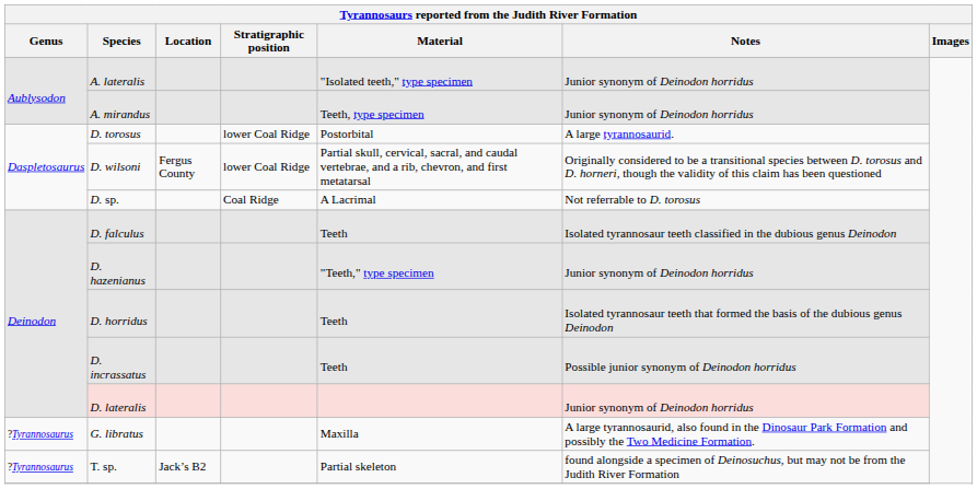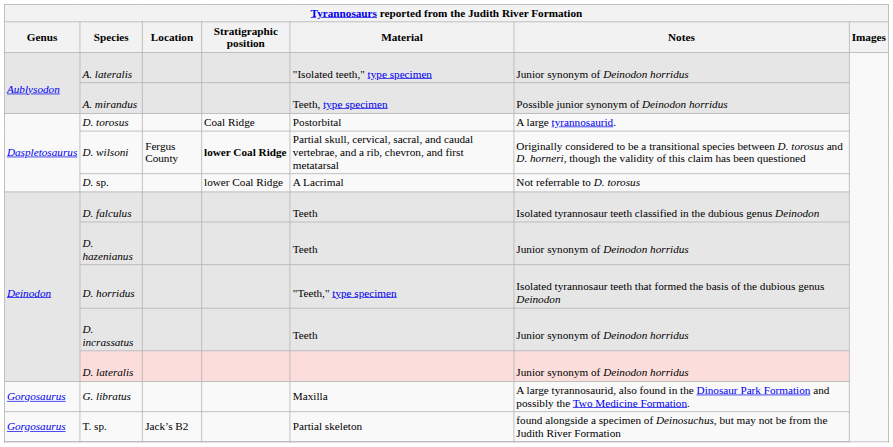 <table class="wikitable" align="center" width="100%">
 <tr>
 <th colspan="8" align="center"><strong><a href='#'>Tyrannosaurs</a> reported from the Judith River Formation</strong></th>
 </tr>
 <tr>
 <th>Genus</th>
 <th>Species</th>
 <th>Location</th>
 <th>Stratigraphic position</th>
 <th>Material</th>
 <th>Notes</th>
 <th>Images</th>
 </tr>
 <tr>
 <td rowspan="2" style="background:#E6E6E6;"><br><em><a href='#'>Aublysodon</a></em></td>
 <td style="background:#E6E6E6;"><br><em>A. lateralis</em></td>
 <td style="background:#E6E6E6;"></td>
 <td style="background:#E6E6E6;"></td>
 <td style="background:#E6E6E6;"><br>"Isolated teeth," <a href='#'>type specimen</a></td>
 <td style="background:#E6E6E6;"><br>Junior synonym of <em>Deinodon horridus</em></td>
 <td rowspan="106"><br> </td>
 </tr>
 <tr>
 <td style="background:#E6E6E6;"><br><em>A. mirandus</em></td>
 <td style="background:#E6E6E6;"></td>
 <td style="background:#E6E6E6;"></td>
 <td style="background:#E6E6E6;"><br>Teeth, <a href='#'>type specimen</a></td>
-<td style="background:#E6E6E6;"><br>Junior synonym of <em>Deinodon horridus</em></td>
+<td style="background:#E6E6E6;"><br>Possible junior synonym of <em>Deinodon horridus</em></td>
 </tr>
 <tr>
 <td rowspan="3"><em><a href='#'>Daspletosaurus</a></em></td>
 <td><em>D. torosus</em></td>
 <td></td>
-<td>lower Coal Ridge</td>
+<td>Coal Ridge</td>
 <td>Postorbital</td>
 <td>A large <a href='#'>tyrannosaurid</a>.</td>
 </tr>
 <tr>
 <td><em>D. wilsoni</em></td>
 <td>Fergus County</td>
-<td>lower Coal Ridge</td>
+<td><strong>lower Coal Ridge</strong></td>
 <td>Partial skull, cervical, sacral, and caudal vertebrae, and a rib, chevron, and first metatarsal</td>
 <td>Originally considered to be a transitional species between <em>D. torosus</em> and <em>D. horneri</em>, though the validity of this claim has been questioned </td>
 </tr>
 <tr>
 <td><em>D.</em> sp.</td>
 <td></td>
-<td>Coal Ridge</td>
+<td>lower Coal Ridge</td>
 <td>A Lacrimal</td>
 <td>Not referrable to <em>D. torosus</em></td>
 </tr>
 <tr>
 <td rowspan=5 style="background:#E6E6E6;"><br><em><a href='#'>Deinodon</a></em></td>
 <td style="background:#E6E6E6;"><br><em>D. falculus</em></td>
 <td style="background:#E6E6E6;"></td>
 <td style="background:#E6E6E6;"></td>
 <td style="background:#E6E6E6;"><br>Teeth</td>
 <td style="background:#E6E6E6;"><br>Isolated tyrannosaur teeth classified in the dubious genus <em>Deinodon</em></td>
 </tr>
 <tr>
 <td style="background:#E6E6E6;"><br><em>D. hazenianus</em></td>
 <td style="background:#E6E6E6;"></td>
 <td style="background:#E6E6E6;"></td>
-<td style="background:#E6E6E6;"><br>"Teeth," <a href='#'>type specimen</a></td>
+<td style="background:#E6E6E6;"><br>Teeth</td>
 <td style="background:#E6E6E6;"><br>Junior synonym of <em>Deinodon horridus</em></td>
 </tr>
 <tr>
 <td style="background:#E6E6E6;"><br><em>D. horridus</em></td>
 <td style="background:#E6E6E6;"></td>
 <td style="background:#E6E6E6;"></td>
-<td style="background:#E6E6E6;"><br>Teeth</td>
+<td style="background:#E6E6E6;"><br>"Teeth," <a href='#'>type specimen</a></td>
 <td style="background:#E6E6E6;"><br>Isolated tyrannosaur teeth that formed the basis of the dubious genus <em>Deinodon</em></td>
 </tr>
 <tr>
 <td style="background:#E6E6E6;"><br><em>D. incrassatus</em></td>
 <td style="background:#E6E6E6;"></td>
 <td style="background:#E6E6E6;"></td>
 <td style="background:#E6E6E6;"><br>Teeth</td>
-<td style="background:#E6E6E6;"><br>Possible junior synonym of <em>Deinodon horridus</em></td>
+<td style="background:#E6E6E6;"><br>Junior synonym of <em>Deinodon horridus</em></td>
 </tr>
 <tr>
 <td style="background:#fbdddb;"><br><em>D. lateralis</em></td>
 <td style="background:#fbdddb;"></td>
 <td style="background:#fbdddb;"></td>
 <td style="background:#fbdddb;"></td>
 <td style="background:#fbdddb;"><br>Junior synonym of <em>Deinodon horridus</em></td>
 </tr>
 <tr>
-<td><small>?<em><a href='#'>Tyrannosaurus</a></em></small></td>
+<td><em><a href='#'>Gorgosaurus</a></em></td>
 <td><em>G. libratus</em></td>
 <td></td>
 <td></td>
 <td>Maxilla</td>
 <td>A large tyrannosaurid, also found in the <a href='#'>Dinosaur Park Formation</a> and possibly the <a href='#'>Two Medicine Formation</a>.</td>
 </tr>
 <tr>
-<td><small>?<em><a href='#'>Tyrannosaurus</a></em></small></td>
+<td><em><a href='#'>Gorgosaurus</a></em></td>
 <td>T. sp.</td>
 <td>Jack’s B2</td>
 <td></td>
 <td>Partial skeleton</td>
 <td>found alongside a specimen of <em>Deinosuchus,</em> but may not be from the Judith River Formation</td>
 </tr>
 <tr>
 </tr>
 </table>
